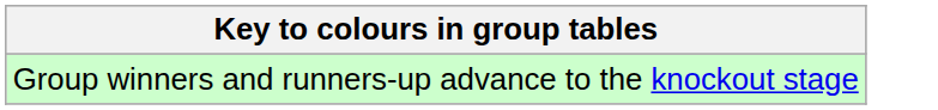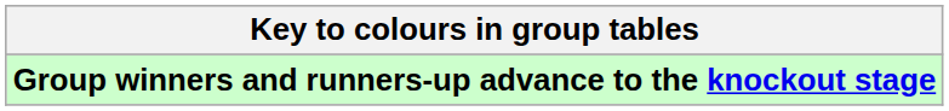 <table class="wikitable">
 <tr>
 <th>Key to colours in group tables</th>
 </tr>
 <tr bgcolor="#ccffcc">
-<td>Group winners and runners-up advance to the <a href='#'>knockout stage</a></td>
+<td><strong>Group winners and runners-up advance to the <a href='#'>knockout stage</a></strong></td>
 </tr>
 </table>
